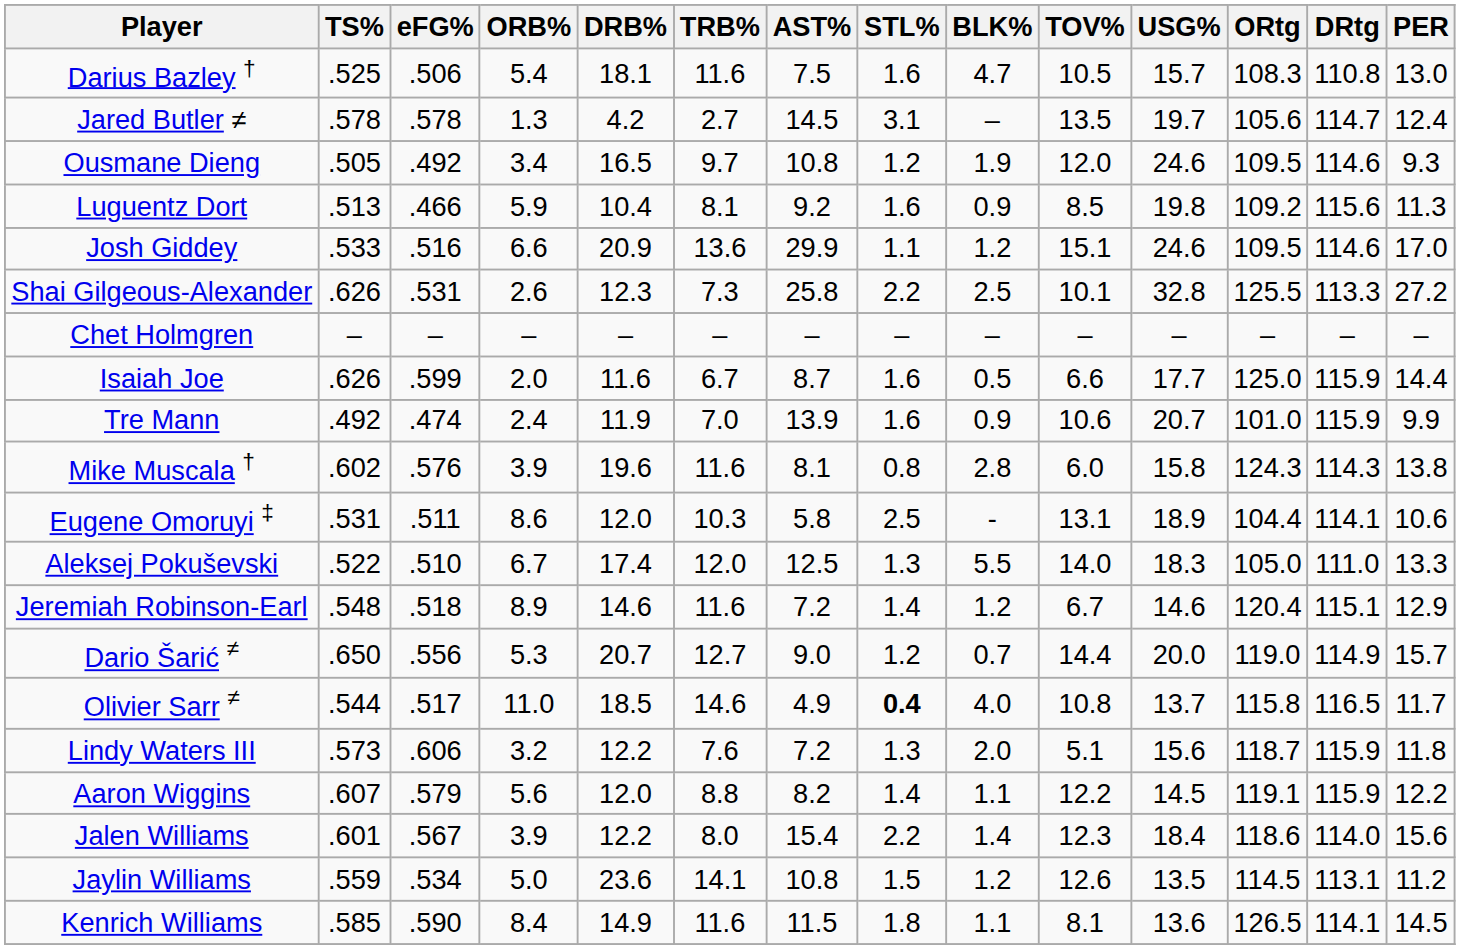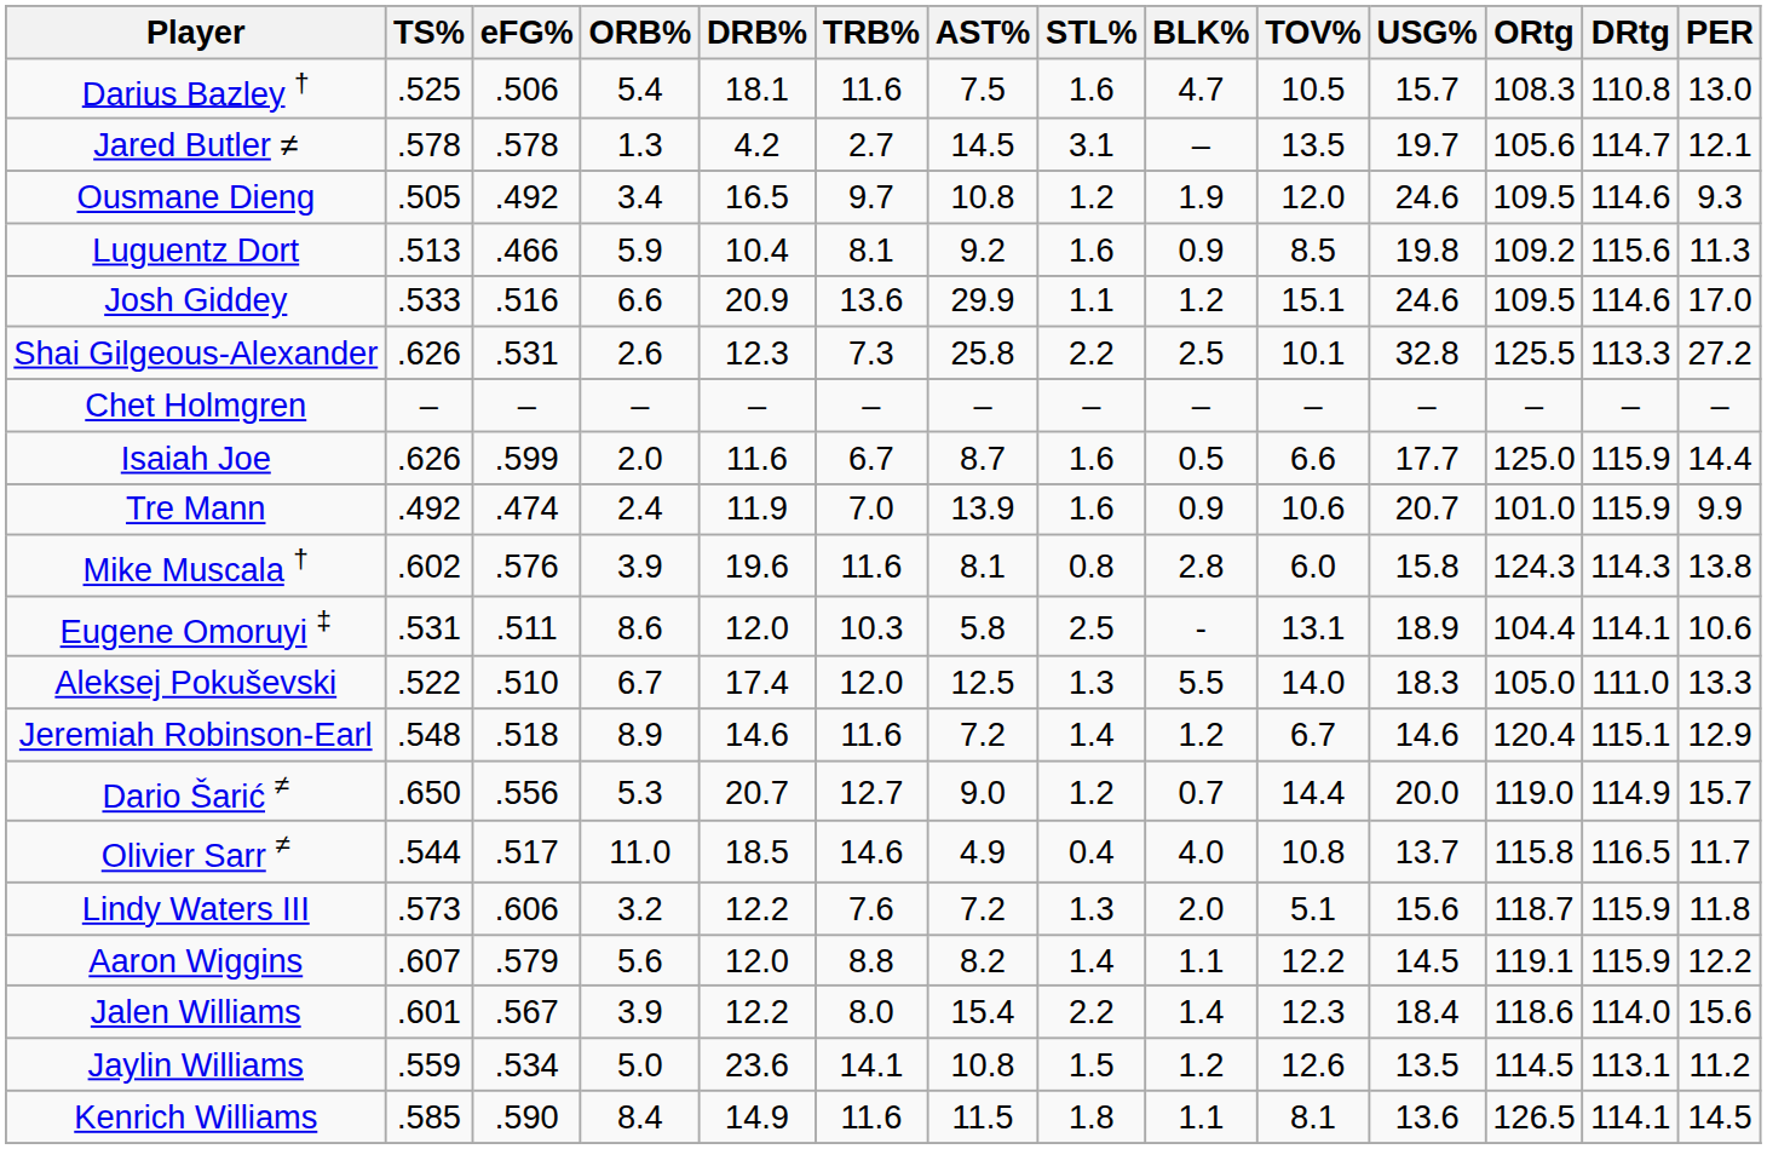 <table class="wikitable sortable" style="font-size:90%; text-align:center; white-space:nowrap;">
 <tr>
 <th>Player</th>
 <th>TS%</th>
 <th>eFG%</th>
 <th>ORB%</th>
 <th>DRB%</th>
 <th>TRB%</th>
 <th>AST%</th>
 <th>STL%</th>
 <th>BLK%</th>
 <th>TOV%</th>
 <th>USG%</th>
 <th>ORtg</th>
 <th>DRtg</th>
 <th>PER</th>
 </tr>
 <tr>
 <td><a href='#'>Darius Bazley</a> <sup>†</sup></td>
 <td>.525</td>
 <td>.506</td>
 <td>5.4</td>
 <td>18.1</td>
 <td>11.6</td>
 <td>7.5</td>
 <td>1.6</td>
 <td>4.7</td>
 <td>10.5</td>
 <td>15.7</td>
 <td>108.3</td>
 <td>110.8</td>
 <td>13.0</td>
 </tr>
 <tr>
 <td><a href='#'>Jared Butler</a> ≠</td>
 <td>.578</td>
 <td>.578</td>
 <td>1.3</td>
 <td>4.2</td>
 <td>2.7</td>
 <td>14.5</td>
 <td>3.1</td>
 <td>–</td>
 <td>13.5</td>
 <td>19.7</td>
 <td>105.6</td>
 <td>114.7</td>
-<td>12.4</td>
+<td>12.1</td>
 </tr>
 <tr>
 <td><a href='#'>Ousmane Dieng</a></td>
 <td>.505</td>
 <td>.492</td>
 <td>3.4</td>
 <td>16.5</td>
 <td>9.7</td>
 <td>10.8</td>
 <td>1.2</td>
 <td>1.9</td>
 <td>12.0</td>
 <td>24.6</td>
 <td>109.5</td>
 <td>114.6</td>
 <td>9.3</td>
 </tr>
 <tr>
 <td><a href='#'>Luguentz Dort</a></td>
 <td>.513</td>
 <td>.466</td>
 <td>5.9</td>
 <td>10.4</td>
 <td>8.1</td>
 <td>9.2</td>
 <td>1.6</td>
 <td>0.9</td>
 <td>8.5</td>
 <td>19.8</td>
 <td>109.2</td>
 <td>115.6</td>
 <td>11.3</td>
 </tr>
 <tr>
 <td><a href='#'>Josh Giddey</a></td>
 <td>.533</td>
 <td>.516</td>
 <td>6.6</td>
 <td>20.9</td>
 <td>13.6</td>
 <td>29.9</td>
 <td>1.1</td>
 <td>1.2</td>
 <td>15.1</td>
 <td>24.6</td>
 <td>109.5</td>
 <td>114.6</td>
 <td>17.0</td>
 </tr>
 <tr>
 <td><a href='#'>Shai Gilgeous-Alexander</a></td>
 <td>.626</td>
 <td>.531</td>
 <td>2.6</td>
 <td>12.3</td>
 <td>7.3</td>
 <td>25.8</td>
 <td>2.2</td>
 <td>2.5</td>
 <td>10.1</td>
 <td>32.8</td>
 <td>125.5</td>
 <td>113.3</td>
 <td>27.2</td>
 </tr>
 <tr>
 <td><a href='#'>Chet Holmgren</a></td>
 <td>–</td>
 <td>–</td>
 <td>–</td>
 <td>–</td>
 <td>–</td>
 <td>–</td>
 <td>–</td>
 <td>–</td>
 <td>–</td>
 <td>–</td>
 <td>–</td>
 <td>–</td>
 <td>–</td>
 </tr>
 <tr>
 <td><a href='#'>Isaiah Joe</a></td>
 <td>.626</td>
 <td>.599</td>
 <td>2.0</td>
 <td>11.6</td>
 <td>6.7</td>
 <td>8.7</td>
 <td>1.6</td>
 <td>0.5</td>
 <td>6.6</td>
 <td>17.7</td>
 <td>125.0</td>
 <td>115.9</td>
 <td>14.4</td>
 </tr>
 <tr>
 <td><a href='#'>Tre Mann</a></td>
 <td>.492</td>
 <td>.474</td>
 <td>2.4</td>
 <td>11.9</td>
 <td>7.0</td>
 <td>13.9</td>
 <td>1.6</td>
 <td>0.9</td>
 <td>10.6</td>
 <td>20.7</td>
 <td>101.0</td>
 <td>115.9</td>
 <td>9.9</td>
 </tr>
 <tr>
 <td><a href='#'>Mike Muscala</a> <sup>†</sup></td>
 <td>.602</td>
 <td>.576</td>
 <td>3.9</td>
 <td>19.6</td>
 <td>11.6</td>
 <td>8.1</td>
 <td>0.8</td>
 <td>2.8</td>
 <td>6.0</td>
 <td>15.8</td>
 <td>124.3</td>
 <td>114.3</td>
 <td>13.8</td>
 </tr>
 <tr>
 <td><a href='#'>Eugene Omoruyi</a> <sup>‡</sup></td>
 <td>.531</td>
 <td>.511</td>
 <td>8.6</td>
 <td>12.0</td>
 <td>10.3</td>
 <td>5.8</td>
 <td>2.5</td>
 <td>-</td>
 <td>13.1</td>
 <td>18.9</td>
 <td>104.4</td>
 <td>114.1</td>
 <td>10.6</td>
 </tr>
 <tr>
 <td><a href='#'>Aleksej Pokuševski</a></td>
 <td>.522</td>
 <td>.510</td>
 <td>6.7</td>
 <td>17.4</td>
 <td>12.0</td>
 <td>12.5</td>
 <td>1.3</td>
 <td>5.5</td>
 <td>14.0</td>
 <td>18.3</td>
 <td>105.0</td>
 <td>111.0</td>
 <td>13.3</td>
 </tr>
 <tr>
 <td><a href='#'>Jeremiah Robinson-Earl</a></td>
 <td>.548</td>
 <td>.518</td>
 <td>8.9</td>
 <td>14.6</td>
 <td>11.6</td>
 <td>7.2</td>
 <td>1.4</td>
 <td>1.2</td>
 <td>6.7</td>
 <td>14.6</td>
 <td>120.4</td>
 <td>115.1</td>
 <td>12.9</td>
 </tr>
 <tr>
 <td><a href='#'>Dario Šarić</a> <sup>≠</sup></td>
 <td>.650</td>
 <td>.556</td>
 <td>5.3</td>
 <td>20.7</td>
 <td>12.7</td>
 <td>9.0</td>
 <td>1.2</td>
 <td>0.7</td>
 <td>14.4</td>
 <td>20.0</td>
 <td>119.0</td>
 <td>114.9</td>
 <td>15.7</td>
 </tr>
 <tr>
 <td><a href='#'>Olivier Sarr</a> <sup>≠</sup></td>
 <td>.544</td>
 <td>.517</td>
 <td>11.0</td>
 <td>18.5</td>
 <td>14.6</td>
 <td>4.9</td>
-<td><strong>0.4</strong></td>
+<td>0.4</td>
 <td>4.0</td>
 <td>10.8</td>
 <td>13.7</td>
 <td>115.8</td>
 <td>116.5</td>
 <td>11.7</td>
 </tr>
 <tr>
 <td><a href='#'>Lindy Waters III</a></td>
 <td>.573</td>
 <td>.606</td>
 <td>3.2</td>
 <td>12.2</td>
 <td>7.6</td>
 <td>7.2</td>
 <td>1.3</td>
 <td>2.0</td>
 <td>5.1</td>
 <td>15.6</td>
 <td>118.7</td>
 <td>115.9</td>
 <td>11.8</td>
 </tr>
 <tr>
 <td><a href='#'>Aaron Wiggins</a></td>
 <td>.607</td>
 <td>.579</td>
 <td>5.6</td>
 <td>12.0</td>
 <td>8.8</td>
 <td>8.2</td>
 <td>1.4</td>
 <td>1.1</td>
 <td>12.2</td>
 <td>14.5</td>
 <td>119.1</td>
 <td>115.9</td>
 <td>12.2</td>
 </tr>
 <tr>
 <td><a href='#'>Jalen Williams</a></td>
 <td>.601</td>
 <td>.567</td>
 <td>3.9</td>
 <td>12.2</td>
 <td>8.0</td>
 <td>15.4</td>
 <td>2.2</td>
 <td>1.4</td>
 <td>12.3</td>
 <td>18.4</td>
 <td>118.6</td>
 <td>114.0</td>
 <td>15.6</td>
 </tr>
 <tr>
 <td><a href='#'>Jaylin Williams</a></td>
 <td>.559</td>
 <td>.534</td>
 <td>5.0</td>
 <td>23.6</td>
 <td>14.1</td>
 <td>10.8</td>
 <td>1.5</td>
 <td>1.2</td>
 <td>12.6</td>
 <td>13.5</td>
 <td>114.5</td>
 <td>113.1</td>
 <td>11.2</td>
 </tr>
 <tr>
 <td><a href='#'>Kenrich Williams</a></td>
 <td>.585</td>
 <td>.590</td>
 <td>8.4</td>
 <td>14.9</td>
 <td>11.6</td>
 <td>11.5</td>
 <td>1.8</td>
 <td>1.1</td>
 <td>8.1</td>
 <td>13.6</td>
 <td>126.5</td>
 <td>114.1</td>
 <td>14.5</td>
 </tr>
 <tr>
 </tr>
 </table>
